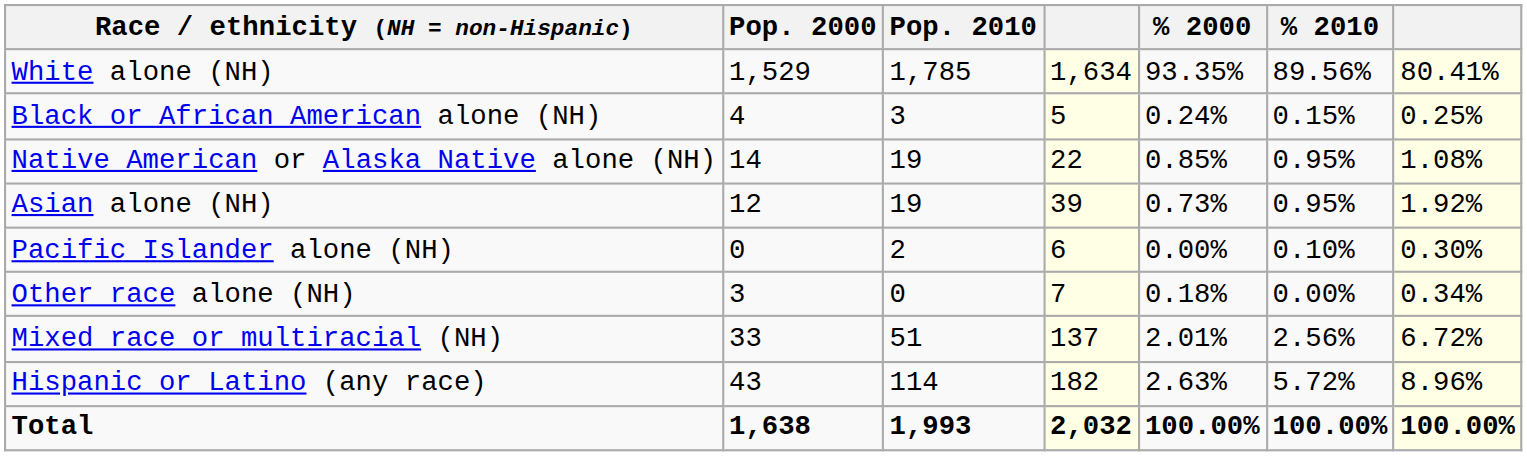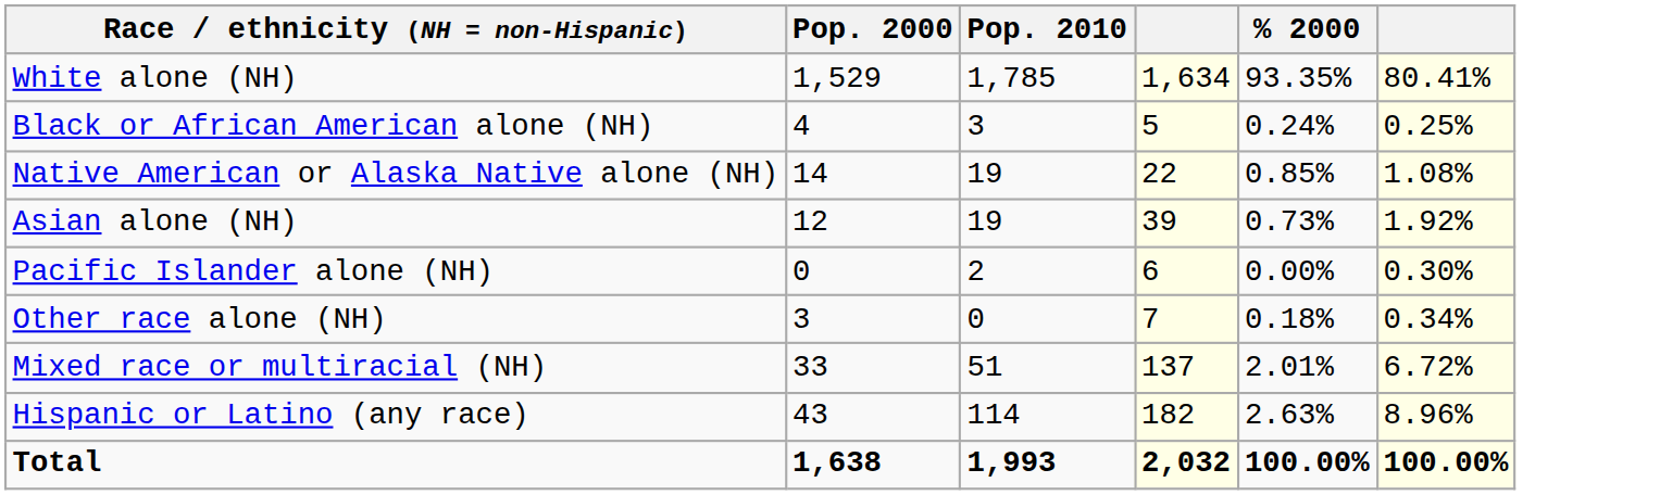 <table class="wikitable">
 <tr>
 <th>Race / ethnicity <small>(<em>NH = non-Hispanic</em>)</small></th>
 <th>Pop. 2000</th>
 <th>Pop. 2010</th>
 <th></th>
 <th>% 2000</th>
-<th>% 2010</th>
 <th></th>
 </tr>
 <tr>
 <td><a href='#'>White</a> alone (NH)</td>
 <td>1,529</td>
 <td>1,785</td>
 <td style='background: #ffffe6;'>1,634</td>
 <td>93.35%</td>
-<td>89.56%</td>
 <td style='background: #ffffe6;'>80.41%</td>
 </tr>
 <tr>
 <td><a href='#'>Black or African American</a> alone (NH)</td>
 <td>4</td>
 <td>3</td>
 <td style='background: #ffffe6;'>5</td>
 <td>0.24%</td>
-<td>0.15%</td>
 <td style='background: #ffffe6;'>0.25%</td>
 </tr>
 <tr>
 <td><a href='#'>Native American</a> or <a href='#'>Alaska Native</a> alone (NH)</td>
 <td>14</td>
 <td>19</td>
 <td style='background: #ffffe6;'>22</td>
 <td>0.85%</td>
-<td>0.95%</td>
 <td style='background: #ffffe6;'>1.08%</td>
 </tr>
 <tr>
 <td><a href='#'>Asian</a> alone (NH)</td>
 <td>12</td>
 <td>19</td>
 <td style='background: #ffffe6;'>39</td>
 <td>0.73%</td>
-<td>0.95%</td>
 <td style='background: #ffffe6;'>1.92%</td>
 </tr>
 <tr>
 <td><a href='#'>Pacific Islander</a> alone (NH)</td>
 <td>0</td>
 <td>2</td>
 <td style='background: #ffffe6;'>6</td>
 <td>0.00%</td>
-<td>0.10%</td>
 <td style='background: #ffffe6;'>0.30%</td>
 </tr>
 <tr>
 <td><a href='#'>Other race</a> alone (NH)</td>
 <td>3</td>
 <td>0</td>
 <td style='background: #ffffe6;'>7</td>
 <td>0.18%</td>
-<td>0.00%</td>
 <td style='background: #ffffe6;'>0.34%</td>
 </tr>
 <tr>
 <td><a href='#'>Mixed race or multiracial</a> (NH)</td>
 <td>33</td>
 <td>51</td>
 <td style='background: #ffffe6;'>137</td>
 <td>2.01%</td>
-<td>2.56%</td>
 <td style='background: #ffffe6;'>6.72%</td>
 </tr>
 <tr>
 <td><a href='#'>Hispanic or Latino</a> (any race)</td>
 <td>43</td>
 <td>114</td>
 <td style='background: #ffffe6;'>182</td>
 <td>2.63%</td>
-<td>5.72%</td>
 <td style='background: #ffffe6;'>8.96%</td>
 </tr>
 <tr>
 <td><strong>Total</strong></td>
 <td><strong>1,638</strong></td>
 <td><strong>1,993</strong></td>
 <td style='background: #ffffe6;'><strong>2,032</strong></td>
 <td><strong>100.00%</strong></td>
-<td><strong>100.00%</strong></td>
 <td style='background: #ffffe6;'><strong>100.00%</strong></td>
 </tr>
 </table>
